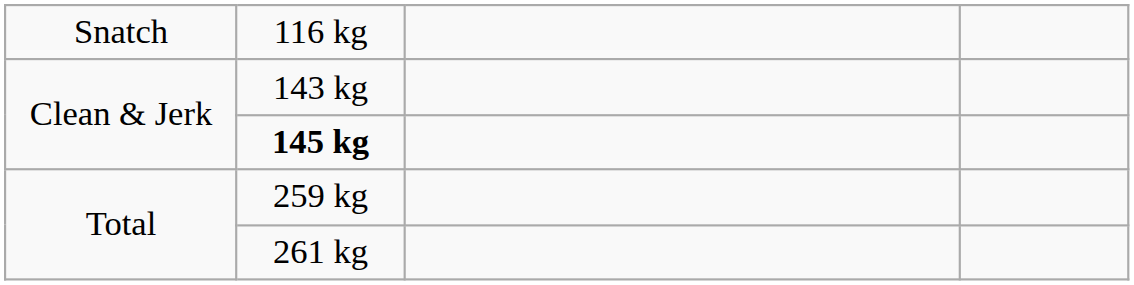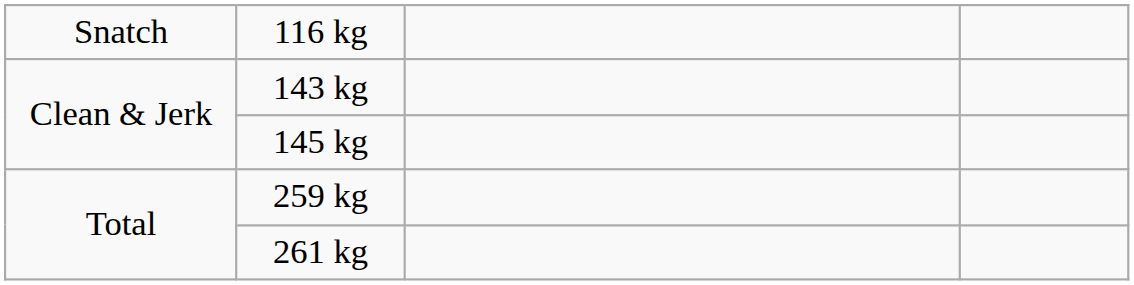 <table class = "wikitable" style="text-align:center;">
 <tr>
 <td width=100>Snatch</td>
 <td width=70>116 kg</td>
 <td width=250 align=left></td>
 <td width=70></td>
 </tr>
 <tr>
 <td rowspan=2>Clean & Jerk</td>
 <td>143 kg</td>
 <td align=left></td>
 <td></td>
 </tr>
 <tr>
-<td><strong>145 kg</strong></td>
+<td>145 kg</td>
 <td align=left></td>
 <td></td>
 </tr>
 <tr>
 <td rowspan=2>Total</td>
 <td>259 kg</td>
 <td align=left></td>
 <td></td>
 </tr>
 <tr>
 <td>261 kg</td>
 <td align=left></td>
 <td></td>
 </tr>
 </table>
